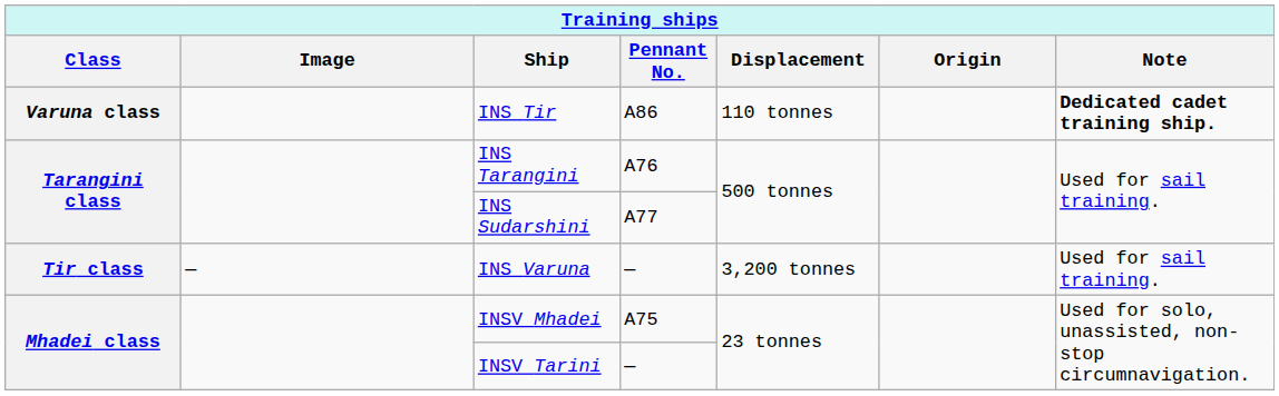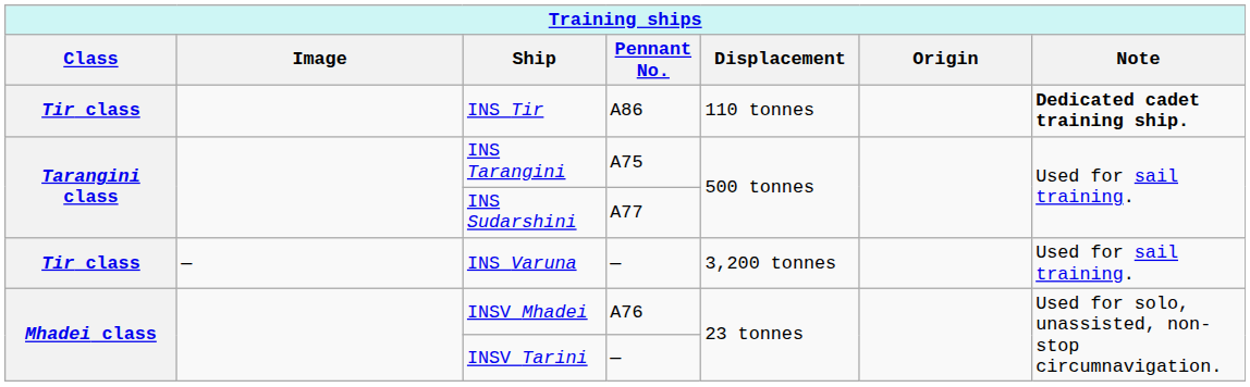 <table class="wikitable" style="margin:auto; width:100%;">
 <tr>
 <th colspan="7" style="align: center; background: #CEF6F5;"><a href='#'>Training ships</a></th>
 </tr>
 <tr>
 <th style="text-align:center; width:12%;"><a href='#'>Class</a></th>
 <th style="text-align:center; width:20%;">Image</th>
 <th style="text-align:center; width:10%;">Ship</th>
 <th style="text-align:center; width:5%;"><a href='#'>Pennant No.</a></th>
 <th style="text-align:center; width:10%;">Displacement</th>
 <th style="text-align:center; width:12%;">Origin</th>
 <th style="text-align:center; width:10%;">Note</th>
 </tr>
 <tr>
-<th rowspan="1"><em>Varuna</em> class</th>
+<th rowspan="1"><a href='#'><em>Tir</em> class</a></th>
 <td rowspan="1"></td>
 <td><a href='#'>INS <em>Tir</em></a></td>
 <td>A86</td>
 <td rowspan="1">110 tonnes</td>
 <td rowspan="1"></td>
 <td rowspan="1"><strong>Dedicated cadet training ship.</strong></td>
 </tr>
 <tr>
 <th rowspan="2"><a href='#'><em>Tarangini</em> class</a></th>
 <td rowspan="2"></td>
 <td><a href='#'>INS <em>Tarangini</em></a></td>
-<td>A76</td>
+<td>A75</td>
 <td rowspan="2">500 tonnes</td>
 <td rowspan="2"></td>
 <td rowspan="2">Used for <a href='#'>sail training</a>.</td>
 </tr>
 <tr>
 <td><a href='#'>INS <em>Sudarshini</em></a></td>
 <td>A77</td>
 </tr>
 <tr>
 <th rowspan="1"><a href='#'><em>Tir</em> class</a></th>
 <td rowspan="1">—</td>
 <td><a href='#'>INS <em>Varuna</em></a></td>
 <td>—</td>
 <td rowspan="1">3,200 tonnes</td>
 <td rowspan="1"></td>
 <td rowspan="1">Used for <a href='#'>sail training</a>.</td>
 </tr>
 <tr>
 <th rowspan="2"><a href='#'><em>Mhadei</em> class</a></th>
 <td rowspan="2"></td>
 <td><a href='#'>INSV <em>Mhadei</em></a></td>
-<td>A75</td>
+<td>A76</td>
 <td rowspan="2">23 tonnes</td>
 <td rowspan="2"></td>
 <td rowspan="2">Used for solo, unassisted, non-stop circumnavigation.</td>
 </tr>
 <tr>
 <td><a href='#'>INSV <em>Tarini</em></a></td>
 <td>—</td>
 </tr>
 </table>
